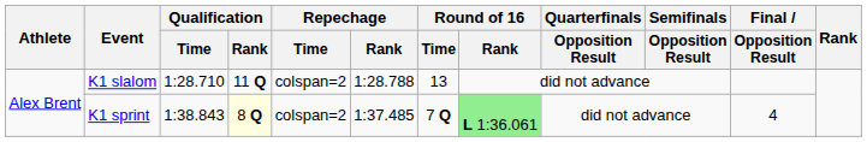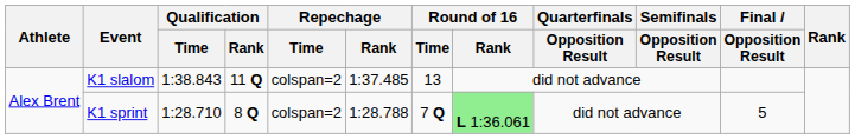 <table class="wikitable" style="font-size:90%;">
 <tr>
 <th rowspan=2>Athlete</th>
 <th rowspan=2>Event</th>
 <th colspan=2>Qualification</th>
 <th colspan=2>Repechage</th>
 <th colspan=2>Round of 16</th>
 <th>Quarterfinals</th>
 <th>Semifinals</th>
 <th>Final / </th>
 <th rowspan=2>Rank</th>
 </tr>
 <tr style="font-size:95%">
 <th>Time</th>
 <th>Rank</th>
 <th>Time</th>
 <th>Rank</th>
 <th>Time</th>
 <th>Rank</th>
 <th>Opposition <br>Result</th>
 <th>Opposition <br>Result</th>
 <th>Opposition <br>Result</th>
 </tr>
 <tr align=center>
 <td rowspan=2 align=left><a href='#'>Alex Brent</a></td>
 <td align=left><a href='#'>K1 slalom</a></td>
-<td>1:28.710</td>
+<td>1:38.843</td>
 <td>11 <strong>Q</strong></td>
 <td>colspan=2 </td>
-<td>1:28.788</td>
+<td>1:37.485</td>
 <td>13</td>
 <td colspan=3>did not advance</td>
 <td></td>
 </tr>
 <tr align=center>
 <td align=left><a href='#'>K1 sprint</a></td>
-<td>1:38.843</td>
-<td style="background: lightyellow;">8 <strong>Q</strong></td>
+<td>1:28.710</td>
+<td>8 <strong>Q</strong></td>
 <td>colspan=2 </td>
-<td>1:37.485</td>
+<td>1:28.788</td>
 <td>7 <strong>Q</strong></td>
 <td style="background: lightgreen;"><br><strong>L</strong> 1:36.061</td>
 <td colspan=2>did not advance</td>
-<td>4</td>
+<td>5</td>
 </tr>
 </table>
